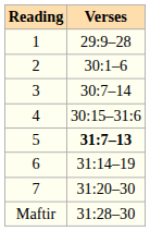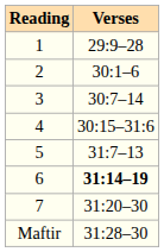 <table class="wikitable" style="background:Ivory; text-align:center">
 <tr>
 <th style="background:Navajowhite;">Reading</th>
 <th style="background:Navajowhite;">Verses</th>
 </tr>
 <tr>
 <td>1</td>
 <td>29:9–28</td>
 </tr>
 <tr>
 <td>2</td>
 <td>30:1–6</td>
 </tr>
 <tr>
 <td>3</td>
 <td>30:7–14</td>
 </tr>
 <tr>
 <td>4</td>
 <td>30:15–31:6</td>
 </tr>
 <tr>
 <td>5</td>
-<td><strong>31:7–13</strong></td>
+<td>31:7–13</td>
 </tr>
 <tr>
 <td>6</td>
-<td>31:14–19</td>
+<td><strong>31:14–19</strong></td>
 </tr>
 <tr>
 <td>7</td>
 <td>31:20–30</td>
 </tr>
 <tr>
 <td>Maftir</td>
 <td>31:28–30</td>
 </tr>
 </table>
